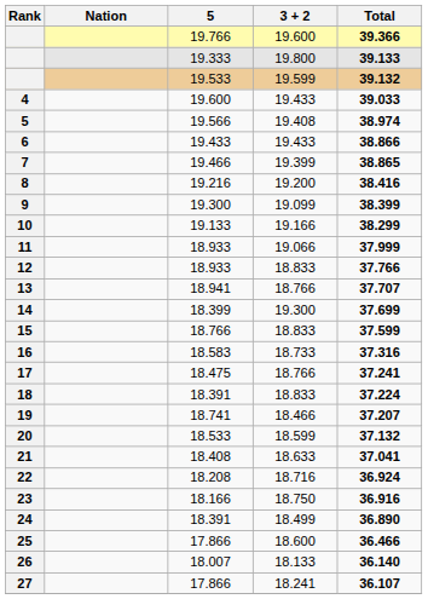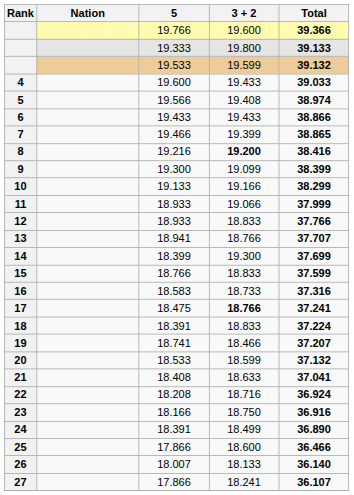 <table class="wikitable sortable" style="text-align:center; font-size:85%">
 <tr>
 <th scope="col" style="width:20px;">Rank</th>
 <th ! scope="col" style="width:120px;">Nation</th>
 <th ! scope="col" style="width:80px;">5 </th>
 <th ! scope="col" style="width:80px;">3  + 2 </th>
 <th ! scope="col" style="width:80px;">Total</th>
 </tr>
 <tr style="background:#fffcaf;">
 <th scope=row style="text-align:center"></th>
 <td align=left></td>
 <td>19.766</td>
 <td>19.600</td>
 <td><strong>39.366</strong></td>
 </tr>
 <tr |- style="background:#e5e5e5;">
 <th scope=row style="text-align:center"></th>
 <td align=left></td>
 <td>19.333</td>
 <td>19.800</td>
 <td><strong>39.133</strong></td>
 </tr>
 <tr style="background:#ec9;">
 <th scope=row style="text-align:center"></th>
 <td align=left></td>
 <td>19.533</td>
 <td>19.599</td>
 <td><strong>39.132</strong></td>
 </tr>
 <tr>
 <th scope=row style="text-align:center">4</th>
 <td align=left></td>
 <td>19.600</td>
 <td>19.433</td>
 <td><strong>39.033</strong></td>
 </tr>
 <tr>
 <th scope=row style="text-align:center">5</th>
 <td align=left></td>
 <td>19.566</td>
 <td>19.408</td>
 <td><strong>38.974</strong></td>
 </tr>
 <tr>
 <th scope=row style="text-align:center">6</th>
 <td align=left></td>
 <td>19.433</td>
 <td>19.433</td>
 <td><strong>38.866</strong></td>
 </tr>
 <tr>
 <th scope=row style="text-align:center">7</th>
 <td align=left></td>
 <td>19.466</td>
 <td>19.399</td>
 <td><strong>38.865</strong></td>
 </tr>
 <tr>
 <th scope=row style="text-align:center">8</th>
 <td align=left></td>
 <td>19.216</td>
-<td>19.200</td>
+<td><strong>19.200</strong></td>
 <td><strong>38.416</strong></td>
 </tr>
 <tr>
 <th scope=row style="text-align:center">9</th>
 <td align=left></td>
 <td>19.300</td>
 <td>19.099</td>
 <td><strong>38.399</strong></td>
 </tr>
 <tr>
 <th scope=row style="text-align:center">10</th>
 <td align=left></td>
 <td>19.133</td>
 <td>19.166</td>
 <td><strong>38.299</strong></td>
 </tr>
 <tr>
 <th scope=row style="text-align:center">11</th>
 <td align=left></td>
 <td>18.933</td>
 <td>19.066</td>
 <td><strong>37.999</strong></td>
 </tr>
 <tr>
 <th scope=row style="text-align:center">12</th>
 <td align=left></td>
 <td>18.933</td>
 <td>18.833</td>
 <td><strong>37.766</strong></td>
 </tr>
 <tr>
 <th scope=row style="text-align:center">13</th>
 <td align=left></td>
 <td>18.941</td>
 <td>18.766</td>
 <td><strong>37.707</strong></td>
 </tr>
 <tr>
 <th scope=row style="text-align:center">14</th>
 <td align=left></td>
 <td>18.399</td>
 <td>19.300</td>
 <td><strong>37.699</strong></td>
 </tr>
 <tr>
 <th scope=row style="text-align:center">15</th>
 <td align=left></td>
 <td>18.766</td>
 <td>18.833</td>
 <td><strong>37.599</strong></td>
 </tr>
 <tr>
 <th scope=row style="text-align:center">16</th>
 <td align=left></td>
 <td>18.583</td>
 <td>18.733</td>
 <td><strong>37.316</strong></td>
 </tr>
 <tr>
 <th scope=row style="text-align:center">17</th>
 <td align=left></td>
 <td>18.475</td>
-<td>18.766</td>
+<td><strong>18.766</strong></td>
 <td><strong>37.241</strong></td>
 </tr>
 <tr>
 <th scope=row style="text-align:center">18</th>
 <td align=left></td>
 <td>18.391</td>
 <td>18.833</td>
 <td><strong>37.224</strong></td>
 </tr>
 <tr>
 <th scope=row style="text-align:center">19</th>
 <td align=left></td>
 <td>18.741</td>
 <td>18.466</td>
 <td><strong>37.207</strong></td>
 </tr>
 <tr>
 <th scope=row style="text-align:center">20</th>
 <td align=left></td>
 <td>18.533</td>
 <td>18.599</td>
 <td><strong>37.132</strong></td>
 </tr>
 <tr>
 <th scope=row style="text-align:center">21</th>
 <td align=left></td>
 <td>18.408</td>
 <td>18.633</td>
 <td><strong>37.041</strong></td>
 </tr>
 <tr>
 <th scope=row style="text-align:center">22</th>
 <td align=left></td>
 <td>18.208</td>
 <td>18.716</td>
 <td><strong>36.924</strong></td>
 </tr>
 <tr>
 <th scope=row style="text-align:center">23</th>
 <td align=left></td>
 <td>18.166</td>
 <td>18.750</td>
 <td><strong>36.916</strong></td>
 </tr>
 <tr>
 <th scope=row style="text-align:center">24</th>
 <td align=left></td>
 <td>18.391</td>
 <td>18.499</td>
 <td><strong>36.890</strong></td>
 </tr>
 <tr>
 <th scope=row style="text-align:center">25</th>
 <td align=left></td>
 <td>17.866</td>
 <td>18.600</td>
 <td><strong>36.466</strong></td>
 </tr>
 <tr>
 <th scope=row style="text-align:center">26</th>
 <td align=left></td>
 <td>18.007</td>
 <td>18.133</td>
 <td><strong>36.140</strong></td>
 </tr>
 <tr>
 <th scope=row style="text-align:center">27</th>
 <td align=left></td>
 <td>17.866</td>
 <td>18.241</td>
 <td><strong>36.107</strong></td>
 </tr>
 <tr>
 </tr>
 </table>
